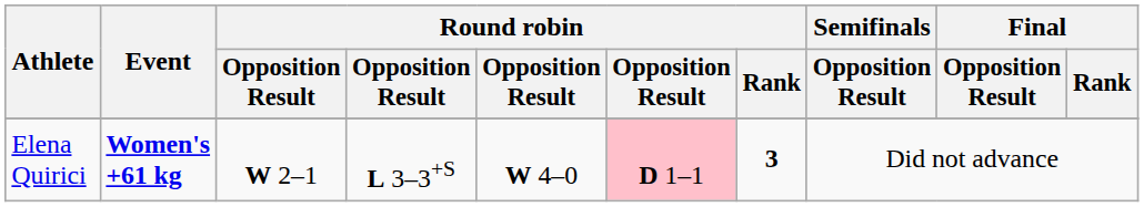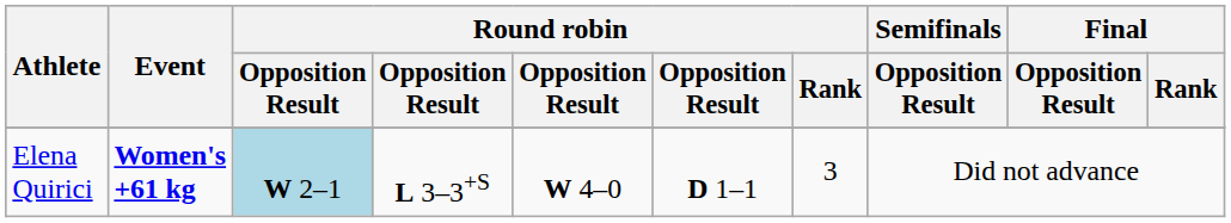 <table class="wikitable" style="font-size:90%">
 <tr>
 <th rowspan=2>Athlete</th>
 <th rowspan=2>Event</th>
 <th colspan=5>Round robin</th>
 <th>Semifinals</th>
 <th colspan=2>Final</th>
 </tr>
 <tr style="font-size:95%">
 <th>Opposition<br>Result</th>
 <th>Opposition<br>Result</th>
 <th>Opposition<br>Result</th>
 <th>Opposition<br>Result</th>
 <th>Rank</th>
 <th>Opposition<br>Result</th>
 <th>Opposition<br>Result</th>
 <th>Rank</th>
 </tr>
 <tr align=center>
 </tr>
 <tr align=center>
 <td align=left><a href='#'>Elena Quirici</a></td>
 <td align=left><strong><a href='#'>Women's +61 kg</a></strong></td>
-<td><br><strong>W</strong> 2–1</td>
+<td style="background: lightblue;"><br><strong>W</strong> 2–1</td>
 <td><br><strong>L</strong> 3–3<sup>+S</sup></td>
 <td><br><strong>W</strong> 4–0</td>
-<td style="background: pink;"><br><strong>D</strong> 1–1</td>
-<td><strong>3</strong></td>
+<td><br><strong>D</strong> 1–1</td>
+<td>3</td>
 <td colspan="3">Did not advance</td>
 </tr>
 </table>
